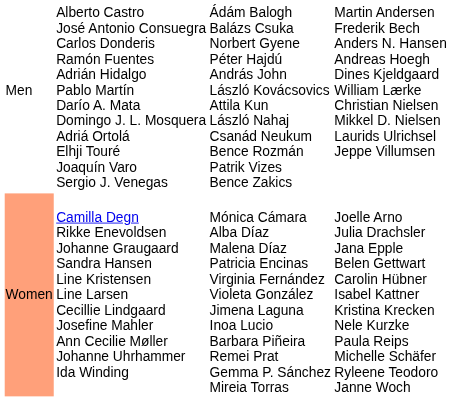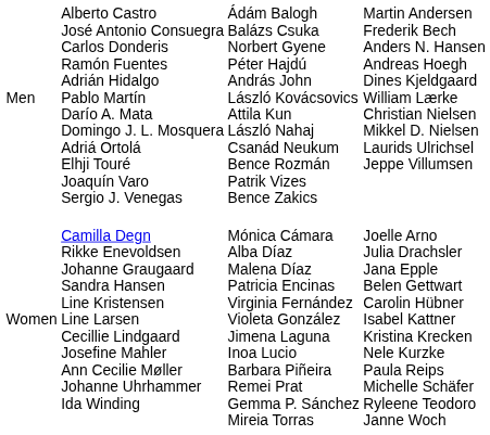 <table>
 <tr>
 <td>Men<br></td>
 <td><br>Alberto Castro<br>José Antonio Consuegra<br>Carlos Donderis<br>Ramón Fuentes<br>Adrián Hidalgo<br>Pablo Martín<br>Darío A. Mata<br>Domingo J. L. Mosquera<br>Adriá Ortolá<br>Elhji Touré<br>Joaquín Varo<br>Sergio J. Venegas</td>
 <td><br>Ádám Balogh<br>Balázs Csuka<br>Norbert Gyene<br>Péter Hajdú<br>András John<br>László Kovácsovics<br>Attila Kun<br>László Nahaj<br>Csanád Neukum<br>Bence Rozmán<br>Patrik Vizes<br>Bence Zakics</td>
 <td valign=top><br>Martin Andersen<br>Frederik Bech<br>Anders N. Hansen<br>Andreas Hoegh<br>Dines Kjeldgaard<br>William Lærke<br>Christian Nielsen<br>Mikkel D. Nielsen<br>Laurids Ulrichsel<br>Jeppe Villumsen</td>
 </tr>
 <tr>
-<td style="background: lightsalmon;">Women<br></td>
+<td>Women<br></td>
 <td valign=top><br><a href='#'>Camilla Degn</a><br>Rikke Enevoldsen<br>Johanne Graugaard<br>Sandra Hansen<br>Line Kristensen<br>Line Larsen<br>Cecillie Lindgaard<br>Josefine Mahler<br>Ann Cecilie Møller<br>Johanne Uhrhammer<br>Ida Winding</td>
 <td><br>Mónica Cámara<br>Alba Díaz<br>Malena Díaz<br>Patricia Encinas<br>Virginia Fernández<br>Violeta González<br>Jimena Laguna<br>Inoa Lucio<br>Barbara Piñeira<br>Remei Prat<br>Gemma P. Sánchez<br>Mireia Torras</td>
 <td><br>Joelle Arno<br>Julia Drachsler<br>Jana Epple<br>Belen Gettwart<br>Carolin Hübner<br>Isabel Kattner<br>Kristina Krecken<br>Nele Kurzke<br>Paula Reips<br>Michelle Schäfer<br>Ryleene Teodoro<br>Janne Woch</td>
 </tr>
 </table>
